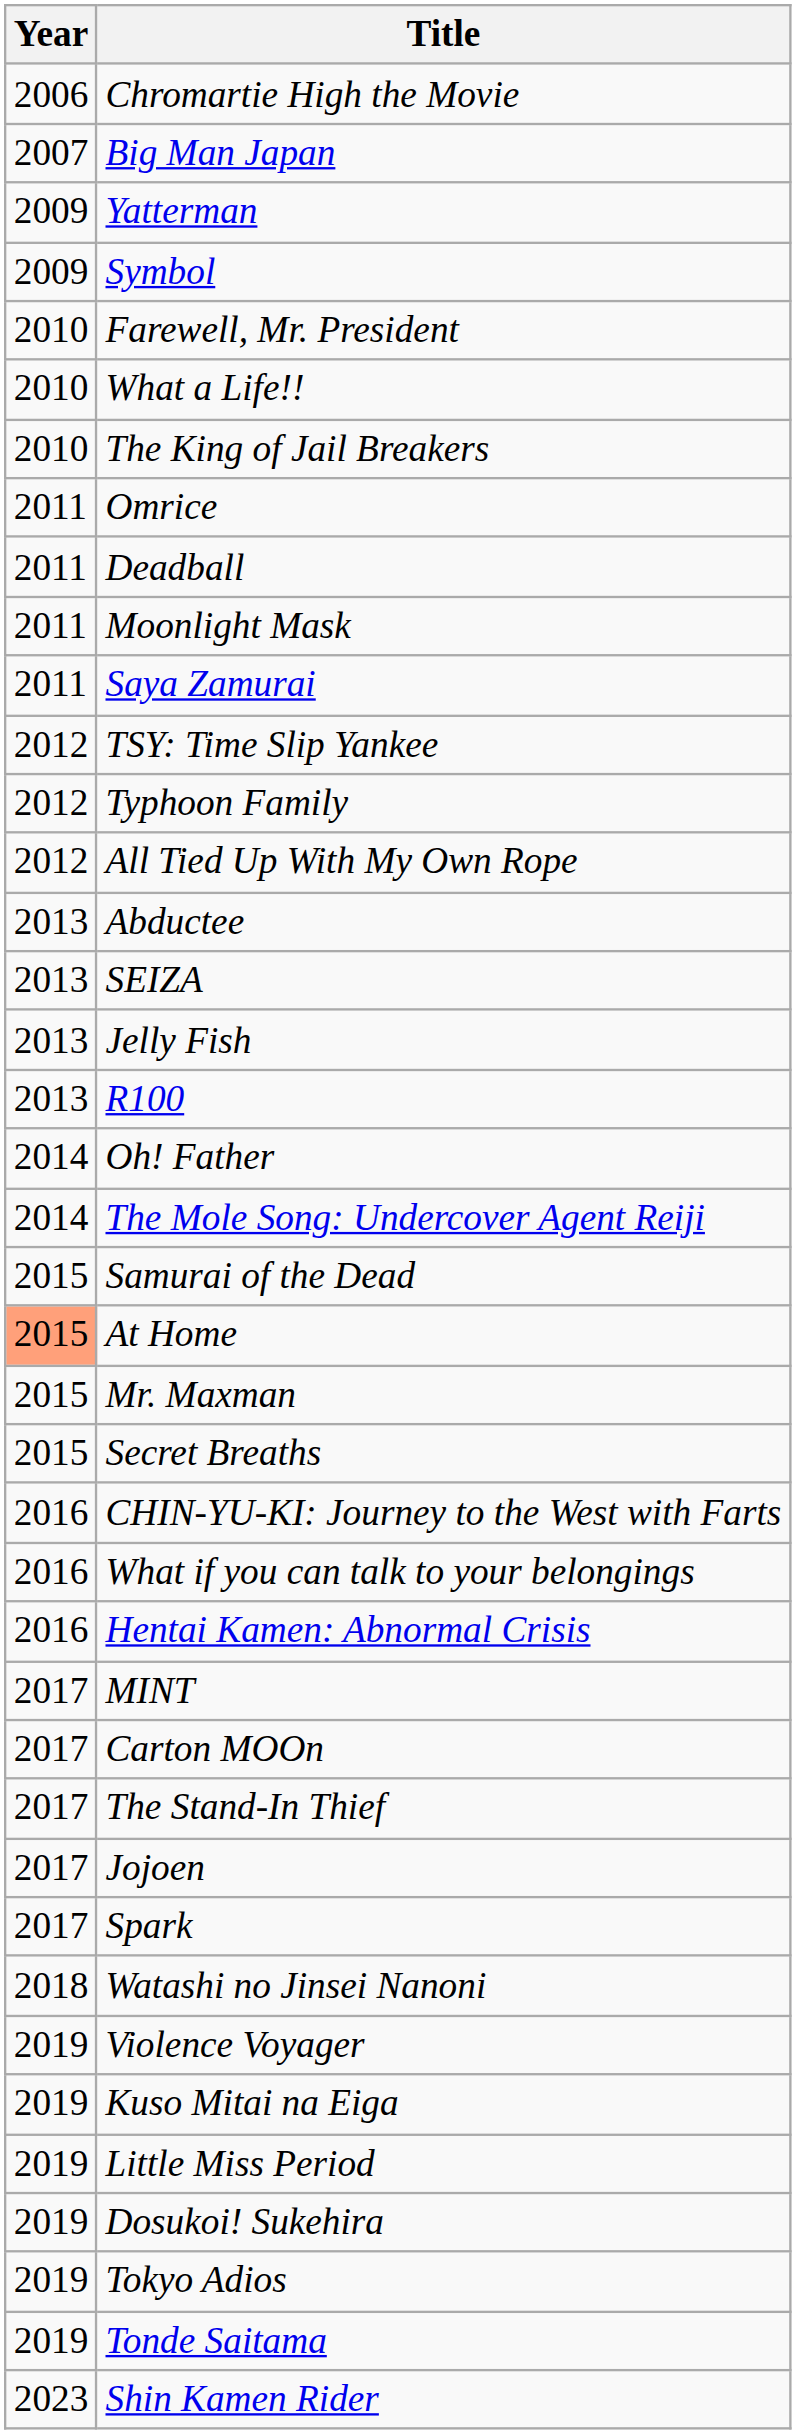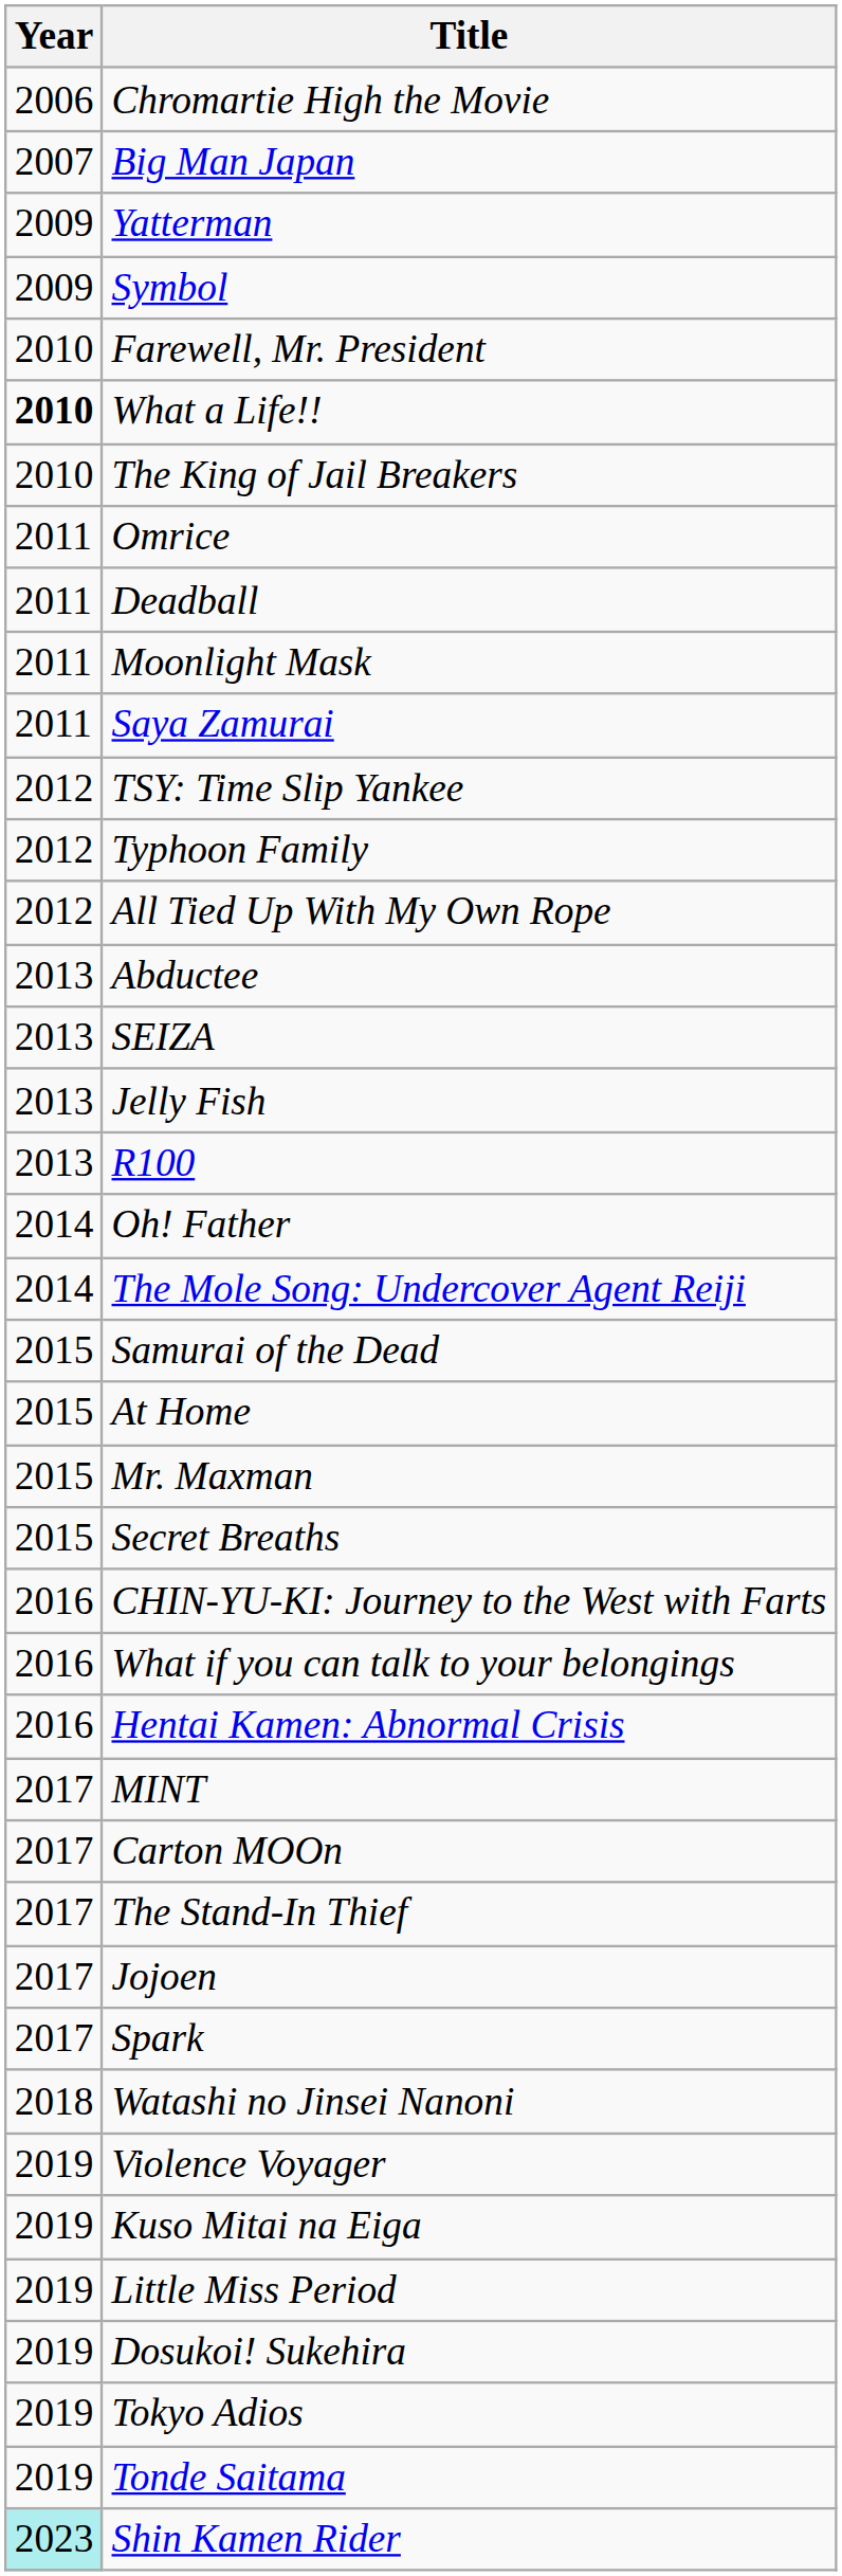 <table class = "wikitable sortable">
 <tr>
 <th>Year</th>
 <th>Title</th>
 </tr>
 <tr>
 <td>2006</td>
 <td><em>Chromartie High the Movie</em></td>
 </tr>
 <tr>
 <td>2007</td>
 <td><em><a href='#'>Big Man Japan</a></em></td>
 </tr>
 <tr>
 <td>2009</td>
 <td><em><a href='#'>Yatterman</a></em></td>
 </tr>
 <tr>
 <td>2009</td>
 <td><em><a href='#'>Symbol</a></em></td>
 </tr>
 <tr>
 <td>2010</td>
 <td><em>Farewell, Mr. President</em></td>
 </tr>
 <tr>
-<td>2010</td>
+<td><strong>2010</strong></td>
 <td><em>What a Life!!</em></td>
 </tr>
 <tr>
 <td>2010</td>
 <td><em>The King of Jail Breakers</em></td>
 </tr>
 <tr>
 <td>2011</td>
 <td><em>Omrice</em></td>
 </tr>
 <tr>
 <td>2011</td>
 <td><em>Deadball</em></td>
 </tr>
 <tr>
 <td>2011</td>
 <td><em>Moonlight Mask</em></td>
 </tr>
 <tr>
 <td>2011</td>
 <td><em><a href='#'>Saya Zamurai</a></em></td>
 </tr>
 <tr>
 <td>2012</td>
 <td><em>TSY: Time Slip Yankee</em></td>
 </tr>
 <tr>
 <td>2012</td>
 <td><em>Typhoon Family</em></td>
 </tr>
 <tr>
 <td>2012</td>
 <td><em>All Tied Up With My Own Rope</em></td>
 </tr>
 <tr>
 <td>2013</td>
 <td><em>Abductee</em></td>
 </tr>
 <tr>
 <td>2013</td>
 <td><em>SEIZA</em></td>
 </tr>
 <tr>
 <td>2013</td>
 <td><em>Jelly Fish</em></td>
 </tr>
 <tr>
 <td>2013</td>
 <td><em><a href='#'>R100</a></em></td>
 </tr>
 <tr>
 <td>2014</td>
 <td><em>Oh! Father</em></td>
 </tr>
 <tr>
 <td>2014</td>
 <td><em><a href='#'>The Mole Song: Undercover Agent Reiji</a></em></td>
 </tr>
 <tr>
 <td>2015</td>
 <td><em>Samurai of the Dead</em></td>
 </tr>
 <tr>
-<td style="background: lightsalmon;">2015</td>
+<td>2015</td>
 <td><em>At Home</em></td>
 </tr>
 <tr>
 <td>2015</td>
 <td><em>Mr. Maxman</em></td>
 </tr>
 <tr>
 <td>2015</td>
 <td><em>Secret Breaths</em></td>
 </tr>
 <tr>
 <td>2016</td>
 <td><em>CHIN-YU-KI: Journey to the West with Farts</em></td>
 </tr>
 <tr>
 <td>2016</td>
 <td><em>What if you can talk to your belongings</em></td>
 </tr>
 <tr>
 <td>2016</td>
 <td><em><a href='#'>Hentai Kamen: Abnormal Crisis</a></em></td>
 </tr>
 <tr>
 <td>2017</td>
 <td><em>MINT</em></td>
 </tr>
 <tr>
 <td>2017</td>
 <td><em>Carton MOOn</em></td>
 </tr>
 <tr>
 <td>2017</td>
 <td><em>The Stand-In Thief</em></td>
 </tr>
 <tr>
 <td>2017</td>
 <td><em>Jojoen</em></td>
 </tr>
 <tr>
 <td>2017</td>
 <td><em>Spark</em></td>
 </tr>
 <tr>
 <td>2018</td>
 <td><em>Watashi no Jinsei Nanoni</em></td>
 </tr>
 <tr>
 <td>2019</td>
 <td><em>Violence Voyager</em></td>
 </tr>
 <tr>
 <td>2019</td>
 <td><em>Kuso Mitai na Eiga</em></td>
 </tr>
 <tr>
 <td>2019</td>
 <td><em>Little Miss Period</em></td>
 </tr>
 <tr>
 <td>2019</td>
 <td><em>Dosukoi! Sukehira</em></td>
 </tr>
 <tr>
 <td>2019</td>
 <td><em> Tokyo Adios</em></td>
 </tr>
 <tr>
 <td>2019</td>
 <td><em><a href='#'>Tonde Saitama</a></em></td>
 </tr>
 <tr>
-<td>2023</td>
+<td style="background: paleturquoise;">2023</td>
 <td><em><a href='#'>Shin Kamen Rider</a></em></td>
 </tr>
 </table>
